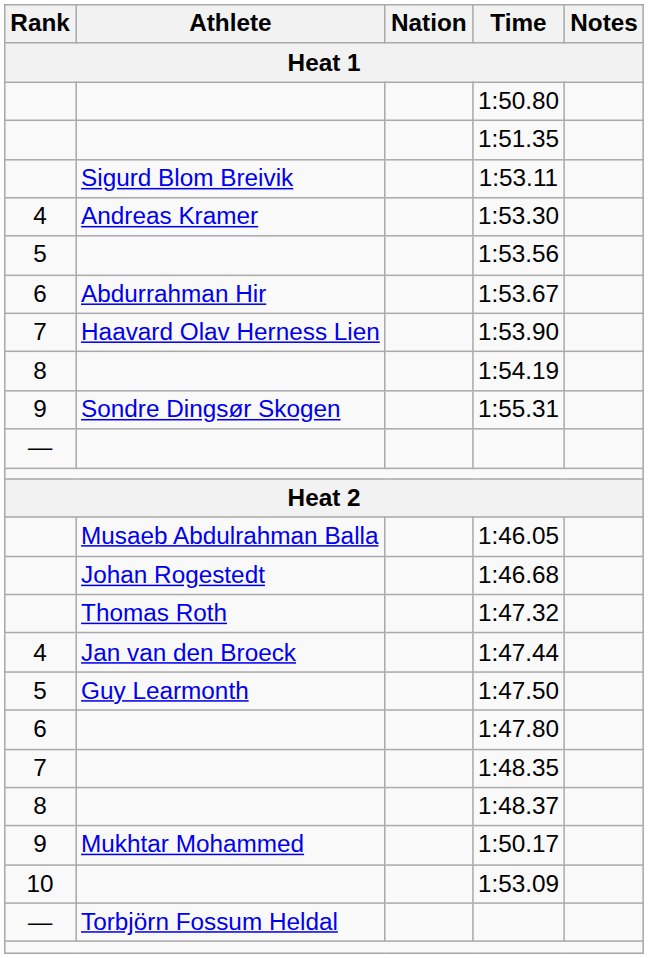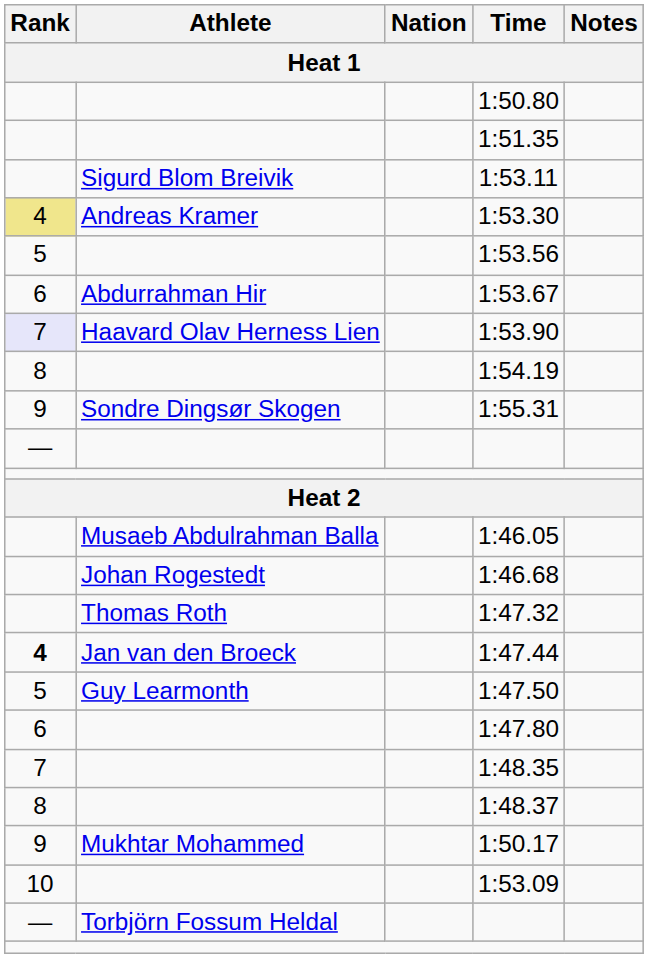 <table class="wikitable" style="text-align:center;">
 <tr>
 <th scope="col" style="width: 10px;">Rank</th>
 <th scope="col">Athlete</th>
 <th scope="col">Nation</th>
 <th scope="col">Time</th>
 <th scope="col">Notes</th>
 </tr>
 <tr>
 <th colspan="5" align="center">Heat 1</th>
 </tr>
 <tr>
 <td></td>
 <td align=left></td>
 <td align=left></td>
 <td>1:50.80</td>
 <td></td>
 </tr>
 <tr>
 <td></td>
 <td align=left></td>
 <td align=left></td>
 <td>1:51.35</td>
 <td></td>
 </tr>
 <tr>
 <td></td>
 <td align=left><a href='#'>Sigurd Blom Breivik</a></td>
 <td align=left></td>
 <td>1:53.11</td>
 <td></td>
 </tr>
 <tr>
-<td>4</td>
+<td style="background: khaki;">4</td>
 <td align=left><a href='#'>Andreas Kramer</a></td>
 <td align=left></td>
 <td>1:53.30</td>
 <td></td>
 </tr>
 <tr>
 <td>5</td>
 <td align=left></td>
 <td align=left></td>
 <td>1:53.56</td>
 <td></td>
 </tr>
 <tr>
 <td>6</td>
 <td align=left><a href='#'>Abdurrahman Hir</a></td>
 <td align=left></td>
 <td>1:53.67</td>
 <td></td>
 </tr>
 <tr>
-<td>7</td>
+<td style="background: lavender;">7</td>
 <td align=left><a href='#'>Haavard Olav Herness Lien</a></td>
 <td align=left></td>
 <td>1:53.90</td>
 <td></td>
 </tr>
 <tr>
 <td>8</td>
 <td align=left></td>
 <td align=left></td>
 <td>1:54.19</td>
 <td></td>
 </tr>
 <tr>
 <td>9</td>
 <td align=left><a href='#'>Sondre Dingsør Skogen</a></td>
 <td align=left></td>
 <td>1:55.31</td>
 <td></td>
 </tr>
 <tr>
 <td>—</td>
 <td align=left></td>
 <td align=left></td>
 <td></td>
 <td></td>
 </tr>
 <tr>
 <td colspan="5"></td>
 </tr>
 <tr>
 <th align=center colspan=5>Heat 2</th>
 </tr>
 <tr>
 <td></td>
 <td align=left><a href='#'>Musaeb Abdulrahman Balla</a></td>
 <td align=left></td>
 <td>1:46.05</td>
 <td></td>
 </tr>
 <tr>
 <td></td>
 <td align=left><a href='#'>Johan Rogestedt</a></td>
 <td align=left></td>
 <td>1:46.68</td>
 <td></td>
 </tr>
 <tr>
 <td></td>
 <td align=left><a href='#'>Thomas Roth</a></td>
 <td align=left></td>
 <td>1:47.32</td>
 <td></td>
 </tr>
 <tr>
-<td>4</td>
+<td><strong>4</strong></td>
 <td align=left><a href='#'>Jan van den Broeck</a></td>
 <td align=left></td>
 <td>1:47.44</td>
 <td></td>
 </tr>
 <tr>
 <td>5</td>
 <td align=left><a href='#'>Guy Learmonth</a></td>
 <td align=left></td>
 <td>1:47.50</td>
 <td></td>
 </tr>
 <tr>
 <td>6</td>
 <td align=left></td>
 <td align=left></td>
 <td>1:47.80</td>
 <td></td>
 </tr>
 <tr>
 <td>7</td>
 <td align=left></td>
 <td align=left></td>
 <td>1:48.35</td>
 <td></td>
 </tr>
 <tr>
 <td>8</td>
 <td align=left></td>
 <td align=left></td>
 <td>1:48.37</td>
 <td></td>
 </tr>
 <tr>
 <td>9</td>
 <td align=left><a href='#'>Mukhtar Mohammed</a></td>
 <td align=left></td>
 <td>1:50.17</td>
 <td></td>
 </tr>
 <tr>
 <td>10</td>
 <td align=left></td>
 <td align=left></td>
 <td>1:53.09</td>
 <td></td>
 </tr>
 <tr>
 <td>—</td>
 <td align=left><a href='#'>Torbjörn Fossum Heldal</a></td>
 <td align=left></td>
 <td></td>
 <td></td>
 </tr>
 <tr class="sortbottom">
 <td colspan="5"></td>
 </tr>
 </table>
